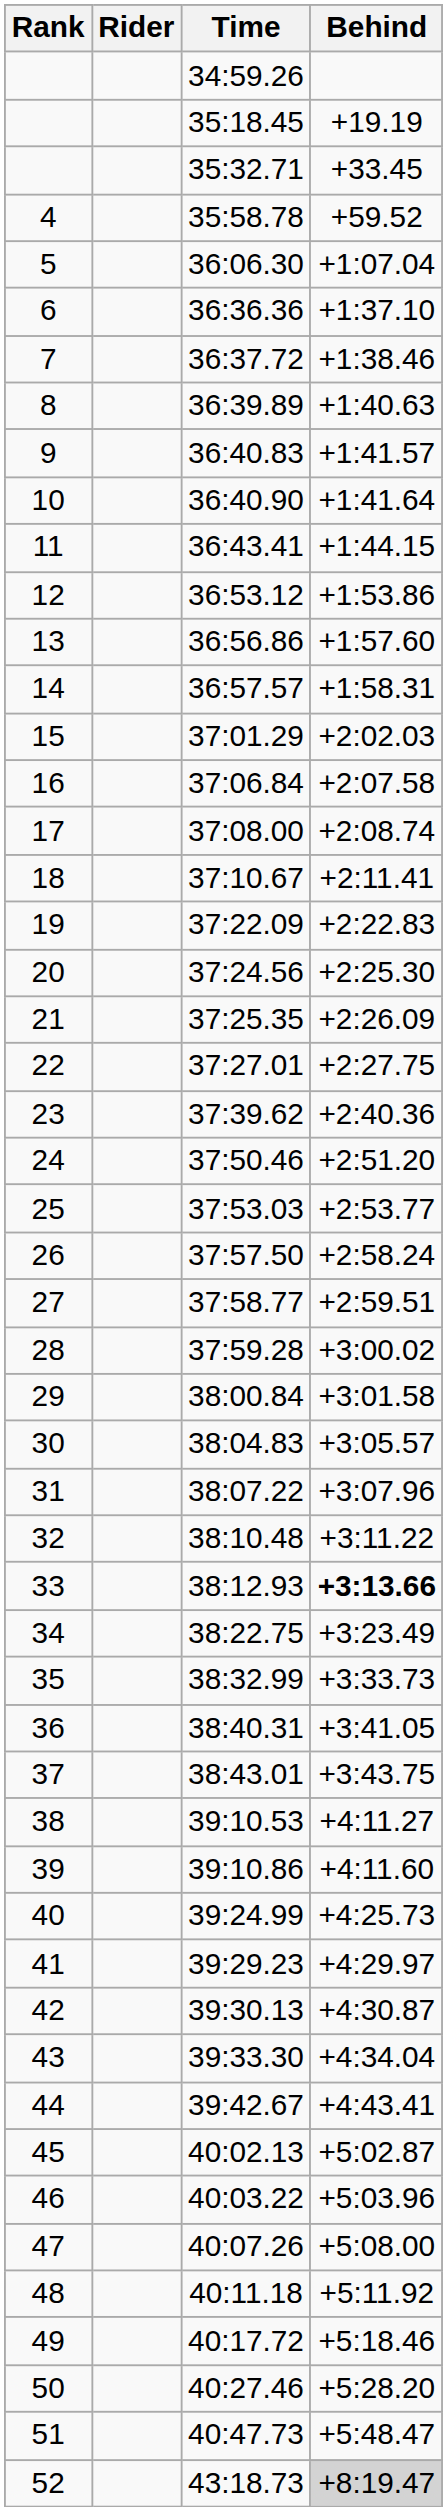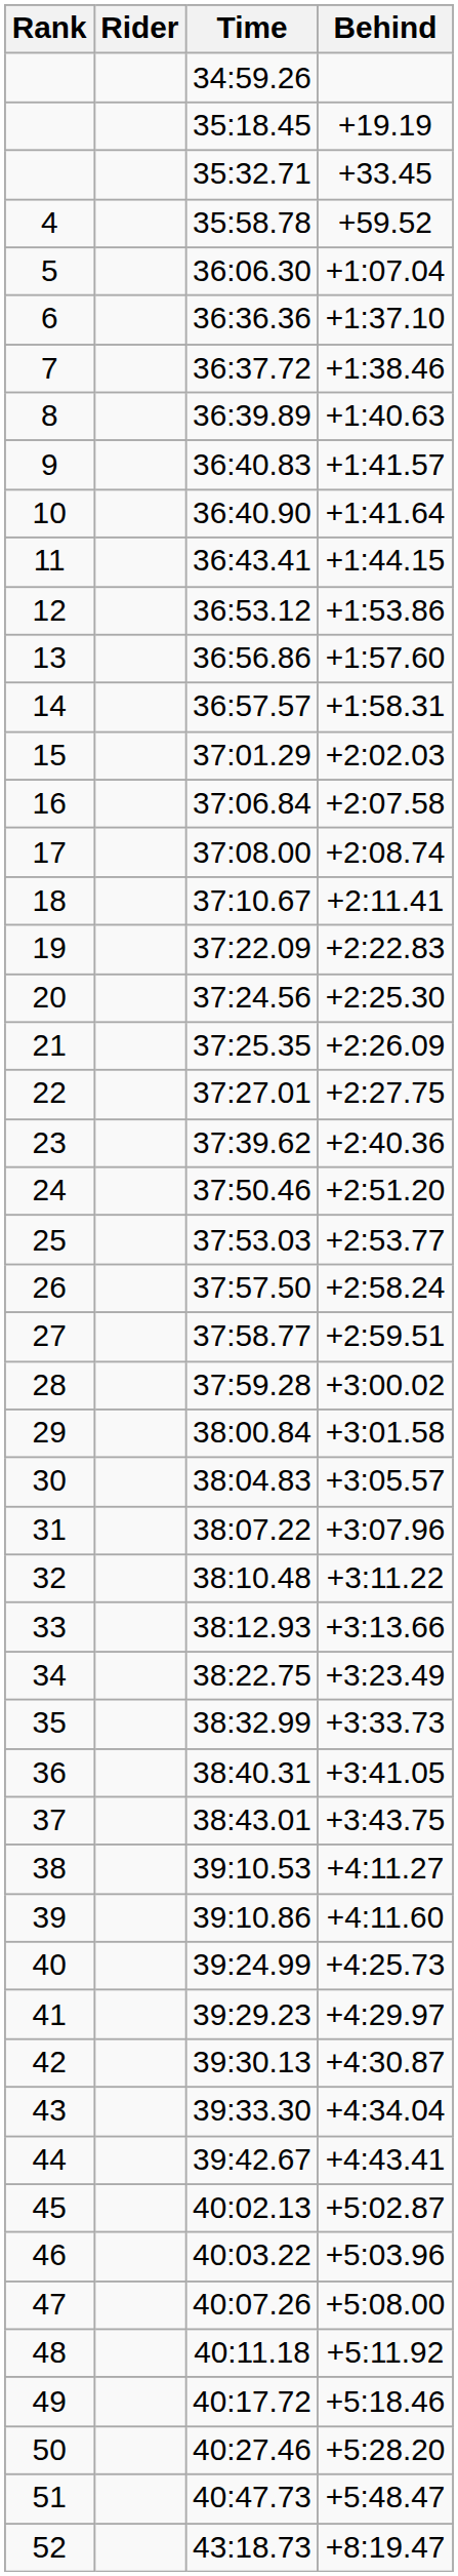 <table class="wikitable sortable" style="text-align: center">
 <tr>
 <th>Rank</th>
 <th>Rider</th>
 <th>Time</th>
 <th>Behind</th>
 </tr>
 <tr>
 <td></td>
 <td align="left"></td>
 <td>34:59.26</td>
 <td></td>
 </tr>
 <tr>
 <td></td>
 <td align="left"></td>
 <td>35:18.45</td>
 <td>+19.19</td>
 </tr>
 <tr>
 <td></td>
 <td align="left"></td>
 <td>35:32.71</td>
 <td>+33.45</td>
 </tr>
 <tr>
 <td>4</td>
 <td align="left"></td>
 <td>35:58.78</td>
 <td>+59.52</td>
 </tr>
 <tr>
 <td>5</td>
 <td align="left"></td>
 <td>36:06.30</td>
 <td>+1:07.04</td>
 </tr>
 <tr>
 <td>6</td>
 <td align="left"></td>
 <td>36:36.36</td>
 <td>+1:37.10</td>
 </tr>
 <tr>
 <td>7</td>
 <td align="left"></td>
 <td>36:37.72</td>
 <td>+1:38.46</td>
 </tr>
 <tr>
 <td>8</td>
 <td align="left"></td>
 <td>36:39.89</td>
 <td>+1:40.63</td>
 </tr>
 <tr>
 <td>9</td>
 <td align="left"></td>
 <td>36:40.83</td>
 <td>+1:41.57</td>
 </tr>
 <tr>
 <td>10</td>
 <td align="left"></td>
 <td>36:40.90</td>
 <td>+1:41.64</td>
 </tr>
 <tr>
 <td>11</td>
 <td align="left"></td>
 <td>36:43.41</td>
 <td>+1:44.15</td>
 </tr>
 <tr>
 <td>12</td>
 <td align="left"></td>
 <td>36:53.12</td>
 <td>+1:53.86</td>
 </tr>
 <tr>
 <td>13</td>
 <td align="left"></td>
 <td>36:56.86</td>
 <td>+1:57.60</td>
 </tr>
 <tr>
 <td>14</td>
 <td align="left"></td>
 <td>36:57.57</td>
 <td>+1:58.31</td>
 </tr>
 <tr>
 <td>15</td>
 <td align="left"></td>
 <td>37:01.29</td>
 <td>+2:02.03</td>
 </tr>
 <tr>
 <td>16</td>
 <td align="left"></td>
 <td>37:06.84</td>
 <td>+2:07.58</td>
 </tr>
 <tr>
 <td>17</td>
 <td align="left"></td>
 <td>37:08.00</td>
 <td>+2:08.74</td>
 </tr>
 <tr>
 <td>18</td>
 <td align="left"></td>
 <td>37:10.67</td>
 <td>+2:11.41</td>
 </tr>
 <tr>
 <td>19</td>
 <td align="left"></td>
 <td>37:22.09</td>
 <td>+2:22.83</td>
 </tr>
 <tr>
 <td>20</td>
 <td align="left"></td>
 <td>37:24.56</td>
 <td>+2:25.30</td>
 </tr>
 <tr>
 <td>21</td>
 <td align="left"></td>
 <td>37:25.35</td>
 <td>+2:26.09</td>
 </tr>
 <tr>
 <td>22</td>
 <td align="left"></td>
 <td>37:27.01</td>
 <td>+2:27.75</td>
 </tr>
 <tr>
 <td>23</td>
 <td align="left"></td>
 <td>37:39.62</td>
 <td>+2:40.36</td>
 </tr>
 <tr>
 <td>24</td>
 <td align="left"></td>
 <td>37:50.46</td>
 <td>+2:51.20</td>
 </tr>
 <tr>
 <td>25</td>
 <td align="left"></td>
 <td>37:53.03</td>
 <td>+2:53.77</td>
 </tr>
 <tr>
 <td>26</td>
 <td align="left"></td>
 <td>37:57.50</td>
 <td>+2:58.24</td>
 </tr>
 <tr>
 <td>27</td>
 <td align="left"></td>
 <td>37:58.77</td>
 <td>+2:59.51</td>
 </tr>
 <tr>
 <td>28</td>
 <td align="left"></td>
 <td>37:59.28</td>
 <td>+3:00.02</td>
 </tr>
 <tr>
 <td>29</td>
 <td align="left"></td>
 <td>38:00.84</td>
 <td>+3:01.58</td>
 </tr>
 <tr>
 <td>30</td>
 <td align="left"></td>
 <td>38:04.83</td>
 <td>+3:05.57</td>
 </tr>
 <tr>
 <td>31</td>
 <td align="left"></td>
 <td>38:07.22</td>
 <td>+3:07.96</td>
 </tr>
 <tr>
 <td>32</td>
 <td align="left"></td>
 <td>38:10.48</td>
 <td>+3:11.22</td>
 </tr>
 <tr>
 <td>33</td>
 <td align="left"></td>
 <td>38:12.93</td>
-<td><strong>+3:13.66</strong></td>
+<td>+3:13.66</td>
 </tr>
 <tr>
 <td>34</td>
 <td align="left"></td>
 <td>38:22.75</td>
 <td>+3:23.49</td>
 </tr>
 <tr>
 <td>35</td>
 <td align="left"></td>
 <td>38:32.99</td>
 <td>+3:33.73</td>
 </tr>
 <tr>
 <td>36</td>
 <td align="left"></td>
 <td>38:40.31</td>
 <td>+3:41.05</td>
 </tr>
 <tr>
 <td>37</td>
 <td align="left"></td>
 <td>38:43.01</td>
 <td>+3:43.75</td>
 </tr>
 <tr>
 <td>38</td>
 <td align="left"></td>
 <td>39:10.53</td>
 <td>+4:11.27</td>
 </tr>
 <tr>
 <td>39</td>
 <td align="left"></td>
 <td>39:10.86</td>
 <td>+4:11.60</td>
 </tr>
 <tr>
 <td>40</td>
 <td align="left"></td>
 <td>39:24.99</td>
 <td>+4:25.73</td>
 </tr>
 <tr>
 <td>41</td>
 <td align="left"></td>
 <td>39:29.23</td>
 <td>+4:29.97</td>
 </tr>
 <tr>
 <td>42</td>
 <td align="left"></td>
 <td>39:30.13</td>
 <td>+4:30.87</td>
 </tr>
 <tr>
 <td>43</td>
 <td align="left"></td>
 <td>39:33.30</td>
 <td>+4:34.04</td>
 </tr>
 <tr>
 <td>44</td>
 <td align="left"></td>
 <td>39:42.67</td>
 <td>+4:43.41</td>
 </tr>
 <tr>
 <td>45</td>
 <td align="left"></td>
 <td>40:02.13</td>
 <td>+5:02.87</td>
 </tr>
 <tr>
 <td>46</td>
 <td align="left"></td>
 <td>40:03.22</td>
 <td>+5:03.96</td>
 </tr>
 <tr>
 <td>47</td>
 <td align="left"></td>
 <td>40:07.26</td>
 <td>+5:08.00</td>
 </tr>
 <tr>
 <td>48</td>
 <td align="left"></td>
 <td>40:11.18</td>
 <td>+5:11.92</td>
 </tr>
 <tr>
 <td>49</td>
 <td align="left"></td>
 <td>40:17.72</td>
 <td>+5:18.46</td>
 </tr>
 <tr>
 <td>50</td>
 <td align="left"></td>
 <td>40:27.46</td>
 <td>+5:28.20</td>
 </tr>
 <tr>
 <td>51</td>
 <td align="left"></td>
 <td>40:47.73</td>
 <td>+5:48.47</td>
 </tr>
 <tr>
 <td>52</td>
 <td align="left"></td>
 <td>43:18.73</td>
-<td style="background: lightgrey;">+8:19.47</td>
+<td>+8:19.47</td>
 </tr>
 </table>
